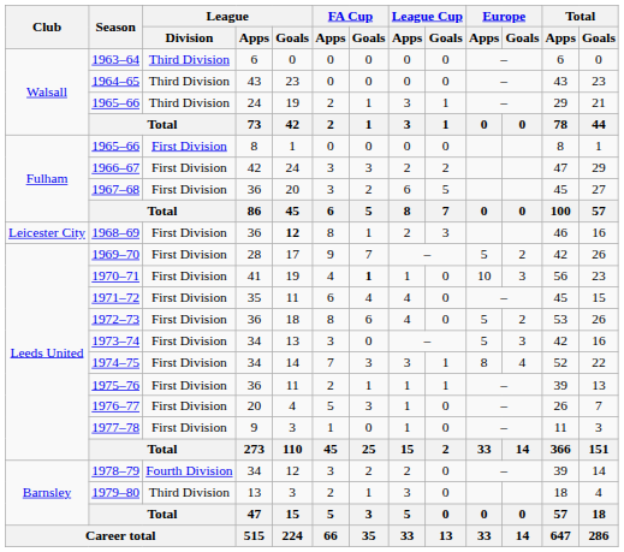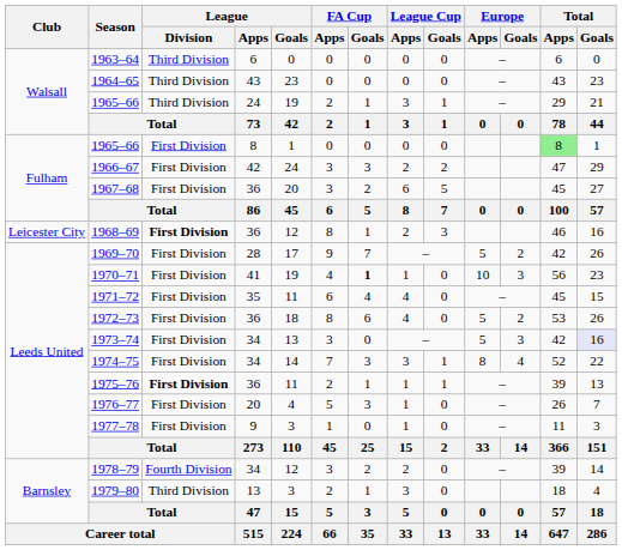 <table class="wikitable" style="text-align:center">
 <tr>
 <th rowspan="2">Club</th>
 <th rowspan="2">Season</th>
 <th colspan="3">League</th>
 <th colspan="2"><a href='#'>FA Cup</a></th>
 <th colspan="2"><a href='#'>League Cup</a></th>
 <th colspan="2"><a href='#'>Europe</a></th>
 <th colspan="2">Total</th>
 </tr>
 <tr>
 <th>Division</th>
 <th>Apps</th>
 <th>Goals</th>
 <th>Apps</th>
 <th>Goals</th>
 <th>Apps</th>
 <th>Goals</th>
 <th>Apps</th>
 <th>Goals</th>
 <th>Apps</th>
 <th>Goals</th>
 </tr>
 <tr>
 <td rowspan="4"><a href='#'>Walsall</a></td>
 <td><a href='#'>1963–64</a></td>
 <td><a href='#'>Third Division</a></td>
 <td>6</td>
 <td>0</td>
 <td>0</td>
 <td>0</td>
 <td>0</td>
 <td>0</td>
 <td colspan="2">–</td>
 <td>6</td>
 <td>0</td>
 </tr>
 <tr>
 <td><a href='#'>1964–65</a></td>
 <td>Third Division</td>
 <td>43</td>
 <td>23</td>
 <td>0</td>
 <td>0</td>
 <td>0</td>
 <td>0</td>
 <td colspan="2">–</td>
 <td>43</td>
 <td>23</td>
 </tr>
 <tr>
 <td><a href='#'>1965–66</a></td>
 <td>Third Division</td>
 <td>24</td>
 <td>19</td>
 <td>2</td>
 <td>1</td>
 <td>3</td>
 <td>1</td>
 <td colspan="2">–</td>
 <td>29</td>
 <td>21</td>
 </tr>
 <tr>
 <th colspan="2">Total</th>
 <th>73</th>
 <th>42</th>
 <th>2</th>
 <th>1</th>
 <th>3</th>
 <th>1</th>
 <th>0</th>
 <th>0</th>
 <th>78</th>
 <th>44</th>
 </tr>
 <tr>
 <td rowspan="4"><a href='#'>Fulham</a></td>
 <td><a href='#'>1965–66</a></td>
 <td><a href='#'>First Division</a></td>
 <td>8</td>
 <td>1</td>
 <td>0</td>
 <td>0</td>
 <td>0</td>
 <td>0</td>
 <td></td>
 <td></td>
-<td>8</td>
+<td style="background: lightgreen;">8</td>
 <td>1</td>
 </tr>
 <tr>
 <td><a href='#'>1966–67</a></td>
 <td>First Division</td>
 <td>42</td>
 <td>24</td>
 <td>3</td>
 <td>3</td>
 <td>2</td>
 <td>2</td>
 <td></td>
 <td></td>
 <td>47</td>
 <td>29</td>
 </tr>
 <tr>
 <td><a href='#'>1967–68</a></td>
 <td>First Division</td>
 <td>36</td>
 <td>20</td>
 <td>3</td>
 <td>2</td>
 <td>6</td>
 <td>5</td>
 <td></td>
 <td></td>
 <td>45</td>
 <td>27</td>
 </tr>
 <tr>
 <th colspan="2">Total</th>
 <th>86</th>
 <th>45</th>
 <th>6</th>
 <th>5</th>
 <th>8</th>
 <th>7</th>
 <th>0</th>
 <th>0</th>
 <th>100</th>
 <th>57</th>
 </tr>
 <tr>
 <td><a href='#'>Leicester City</a></td>
 <td><a href='#'>1968–69</a></td>
-<td>First Division</td>
+<td><strong>First Division</strong></td>
 <td>36</td>
-<td><strong>12</strong></td>
+<td>12</td>
 <td>8</td>
 <td>1</td>
 <td>2</td>
 <td>3</td>
 <td></td>
 <td></td>
 <td>46</td>
 <td>16</td>
 </tr>
 <tr>
 <td rowspan="10"><a href='#'>Leeds United</a></td>
 <td><a href='#'>1969–70</a></td>
 <td>First Division</td>
 <td>28</td>
 <td>17</td>
 <td>9</td>
 <td>7</td>
 <td colspan="2">–</td>
 <td>5</td>
 <td>2</td>
 <td>42</td>
 <td>26</td>
 </tr>
 <tr>
 <td><a href='#'>1970–71</a></td>
 <td>First Division</td>
 <td>41</td>
 <td>19</td>
 <td>4</td>
 <td><strong>1</strong></td>
 <td>1</td>
 <td>0</td>
 <td>10</td>
 <td>3</td>
 <td>56</td>
 <td>23</td>
 </tr>
 <tr>
 <td><a href='#'>1971–72</a></td>
 <td>First Division</td>
 <td>35</td>
 <td>11</td>
 <td>6</td>
 <td>4</td>
 <td>4</td>
 <td>0</td>
 <td colspan="2">–</td>
 <td>45</td>
 <td>15</td>
 </tr>
 <tr>
 <td><a href='#'>1972–73</a></td>
 <td>First Division</td>
 <td>36</td>
 <td>18</td>
 <td>8</td>
 <td>6</td>
 <td>4</td>
 <td>0</td>
 <td>5</td>
 <td>2</td>
 <td>53</td>
 <td>26</td>
 </tr>
 <tr>
 <td><a href='#'>1973–74</a></td>
 <td>First Division</td>
 <td>34</td>
 <td>13</td>
 <td>3</td>
 <td>0</td>
 <td colspan="2">–</td>
 <td>5</td>
 <td>3</td>
 <td>42</td>
-<td>16</td>
+<td style="background: lavender;">16</td>
 </tr>
 <tr>
 <td><a href='#'>1974–75</a></td>
 <td>First Division</td>
 <td>34</td>
 <td>14</td>
 <td>7</td>
 <td>3</td>
 <td>3</td>
 <td>1</td>
 <td>8</td>
 <td>4</td>
 <td>52</td>
 <td>22</td>
 </tr>
 <tr>
 <td><a href='#'>1975–76</a></td>
-<td>First Division</td>
+<td><strong>First Division</strong></td>
 <td>36</td>
 <td>11</td>
 <td>2</td>
 <td>1</td>
 <td>1</td>
 <td>1</td>
 <td colspan="2">–</td>
 <td>39</td>
 <td>13</td>
 </tr>
 <tr>
 <td><a href='#'>1976–77</a></td>
 <td>First Division</td>
 <td>20</td>
 <td>4</td>
 <td>5</td>
 <td>3</td>
 <td>1</td>
 <td>0</td>
 <td colspan="2">–</td>
 <td>26</td>
 <td>7</td>
 </tr>
 <tr>
 <td><a href='#'>1977–78</a></td>
 <td>First Division</td>
 <td>9</td>
 <td>3</td>
 <td>1</td>
 <td>0</td>
 <td>1</td>
 <td>0</td>
 <td colspan="2">–</td>
 <td>11</td>
 <td>3</td>
 </tr>
 <tr>
 <th colspan="2">Total</th>
 <th>273</th>
 <th>110</th>
 <th>45</th>
 <th>25</th>
 <th>15</th>
 <th>2</th>
 <th>33</th>
 <th>14</th>
 <th>366</th>
 <th>151</th>
 </tr>
 <tr>
 <td rowspan="3"><a href='#'>Barnsley</a></td>
 <td><a href='#'>1978–79</a></td>
 <td><a href='#'>Fourth Division</a></td>
 <td>34</td>
 <td>12</td>
 <td>3</td>
 <td>2</td>
 <td>2</td>
 <td>0</td>
 <td colspan="2">–</td>
 <td>39</td>
 <td>14</td>
 </tr>
 <tr>
 <td><a href='#'>1979–80</a></td>
 <td>Third Division</td>
 <td>13</td>
 <td>3</td>
 <td>2</td>
 <td>1</td>
 <td>3</td>
 <td>0</td>
 <td></td>
 <td></td>
 <td>18</td>
 <td>4</td>
 </tr>
 <tr>
 <th colspan="2">Total</th>
 <th>47</th>
 <th>15</th>
 <th>5</th>
 <th>3</th>
 <th>5</th>
 <th>0</th>
 <th>0</th>
 <th>0</th>
 <th>57</th>
 <th>18</th>
 </tr>
 <tr>
 <th colspan="3">Career total</th>
 <th>515</th>
 <th>224</th>
 <th>66</th>
 <th>35</th>
 <th>33</th>
 <th>13</th>
 <th>33</th>
 <th>14</th>
 <th>647</th>
 <th>286</th>
 </tr>
 </table>
